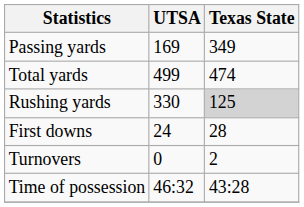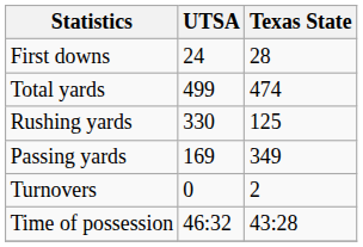 <table class="wikitable">
 <tr>
 <th>Statistics</th>
 <th>UTSA</th>
 <th>Texas State</th>
 </tr>
 <tr>
-<td>Passing yards</td>
-<td>169</td>
-<td>349</td>
+<td>First downs</td>
+<td>24</td>
+<td>28</td>
 </tr>
 <tr>
 <td>Total yards</td>
 <td>499</td>
 <td>474</td>
 </tr>
 <tr>
 <td>Rushing yards</td>
 <td>330</td>
-<td style="background: lightgrey;">125</td>
+<td>125</td>
 </tr>
 <tr>
-<td>First downs</td>
-<td>24</td>
-<td>28</td>
+<td>Passing yards</td>
+<td>169</td>
+<td>349</td>
 </tr>
 <tr>
 <td>Turnovers</td>
 <td>0</td>
 <td>2</td>
 </tr>
 <tr>
 <td>Time of possession</td>
 <td>46:32</td>
 <td>43:28</td>
 </tr>
 <tr>
 </tr>
 </table>
